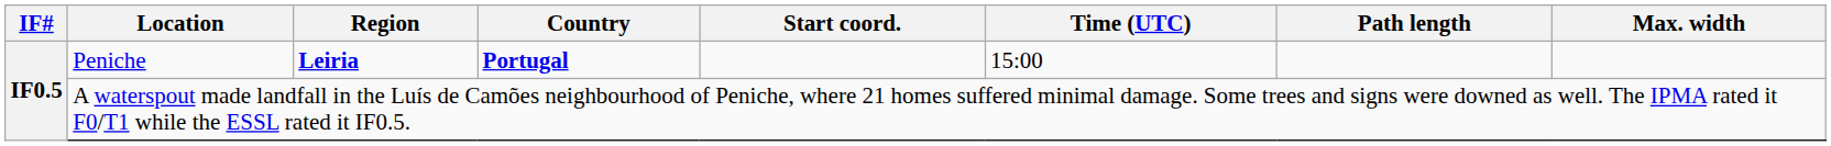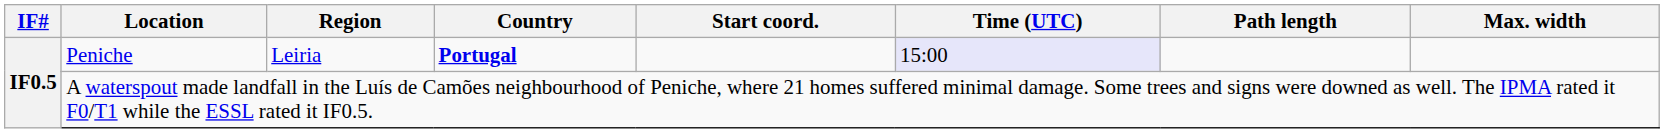 <table class="wikitable sortable" style="width:100%;">
 <tr>
 <th scope="col" width="2%" align="center"><a href='#'>IF#</a></th>
 <th scope="col" align="center" class="unsortable">Location</th>
 <th scope="col" align="center" class="unsortable">Region</th>
 <th scope="col" align="center">Country</th>
 <th scope="col" align="center">Start coord.</th>
 <th scope="col" align="center">Time (<a href='#'>UTC</a>)</th>
 <th scope="col" align="center">Path length</th>
 <th scope="col" align="center">Max. width</th>
 </tr>
 <tr>
 <th scope="row" rowspan="2" style="background-color:#">IF0.5</th>
 <td><a href='#'>Peniche</a></td>
-<td><strong><a href='#'>Leiria</a></strong></td>
+<td><a href='#'>Leiria</a></td>
 <td><strong><a href='#'>Portugal</a></strong></td>
 <td></td>
-<td>15:00</td>
+<td style="background: lavender;">15:00</td>
 <td></td>
 <td></td>
 </tr>
 <tr class="expand-child">
 <td colspan="8" style=" border-bottom: 1px solid black;">A <a href='#'>waterspout</a> made landfall in the Luís de Camões neighbourhood of Peniche, where 21 homes suffered minimal damage. Some trees and signs were downed as well. The <a href='#'>IPMA</a> rated it <a href='#'>F0</a>/<a href='#'>T1</a> while the <a href='#'>ESSL</a> rated it IF0.5.</td>
 </tr>
 </table>
